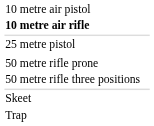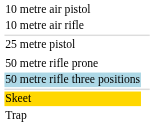 <table>
 <tr>
 <td>10 metre air pistol<br></td>
 <td></td>
 <td></td>
 <td></td>
 </tr>
 <tr>
-<td><strong>10 metre air rifle<br></strong></td>
+<td>10 metre air rifle<br></td>
 <td></td>
 <td></td>
 <td></td>
 </tr>
 <tr bgcolor=#DDDDDD>
 <td colspan=7></td>
 </tr>
 <tr>
 <td>25 metre pistol<br></td>
 <td></td>
 <td></td>
 <td></td>
 </tr>
 <tr -bgcolor=#DDDDDD>
 <td colspan=7></td>
 </tr>
 <tr>
 <td>50 metre rifle prone<br></td>
 <td></td>
 <td></td>
 <td></td>
 </tr>
 <tr>
-<td>50 metre rifle three positions<br></td>
+<td style="background: lightblue;">50 metre rifle three positions<br></td>
 <td></td>
 <td></td>
 <td></td>
 </tr>
 <tr bgcolor=#DDDDDD>
 <td colspan=7></td>
 </tr>
 <tr>
-<td>Skeet<br></td>
+<td style="background: gold;">Skeet<br></td>
 <td></td>
 <td></td>
 <td></td>
 </tr>
 <tr>
 <td>Trap<br></td>
 <td></td>
 <td></td>
 <td></td>
 </tr>
 </table>
